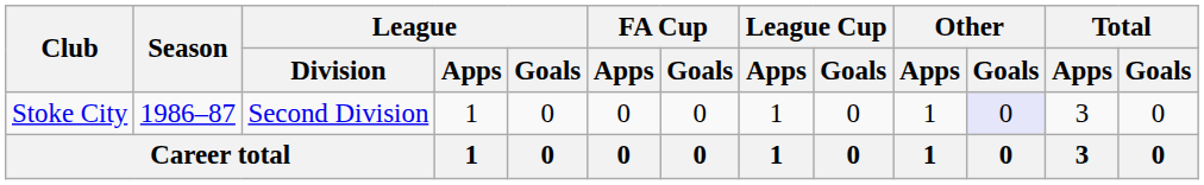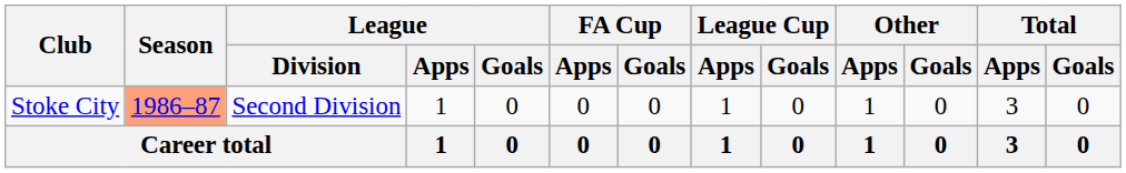 <table class="wikitable" style="text-align: center;">
 <tr>
 <th rowspan="2">Club</th>
 <th rowspan="2">Season</th>
 <th colspan="3">League</th>
 <th colspan="2">FA Cup</th>
 <th colspan="2">League Cup</th>
 <th colspan="2">Other</th>
 <th colspan="2">Total</th>
 </tr>
 <tr>
 <th>Division</th>
 <th>Apps</th>
 <th>Goals</th>
 <th>Apps</th>
 <th>Goals</th>
 <th>Apps</th>
 <th>Goals</th>
 <th>Apps</th>
 <th>Goals</th>
 <th>Apps</th>
 <th>Goals</th>
 </tr>
 <tr>
 <td><a href='#'>Stoke City</a></td>
-<td><a href='#'>1986–87</a></td>
+<td style="background: lightsalmon;"><a href='#'>1986–87</a></td>
 <td><a href='#'>Second Division</a></td>
 <td>1</td>
 <td>0</td>
 <td>0</td>
 <td>0</td>
 <td>1</td>
 <td>0</td>
 <td>1</td>
-<td style="background: lavender;">0</td>
+<td>0</td>
 <td>3</td>
 <td>0</td>
 </tr>
 <tr>
 <th colspan="3">Career total</th>
 <th>1</th>
 <th>0</th>
 <th>0</th>
 <th>0</th>
 <th>1</th>
 <th>0</th>
 <th>1</th>
 <th>0</th>
 <th>3</th>
 <th>0</th>
 </tr>
 </table>
